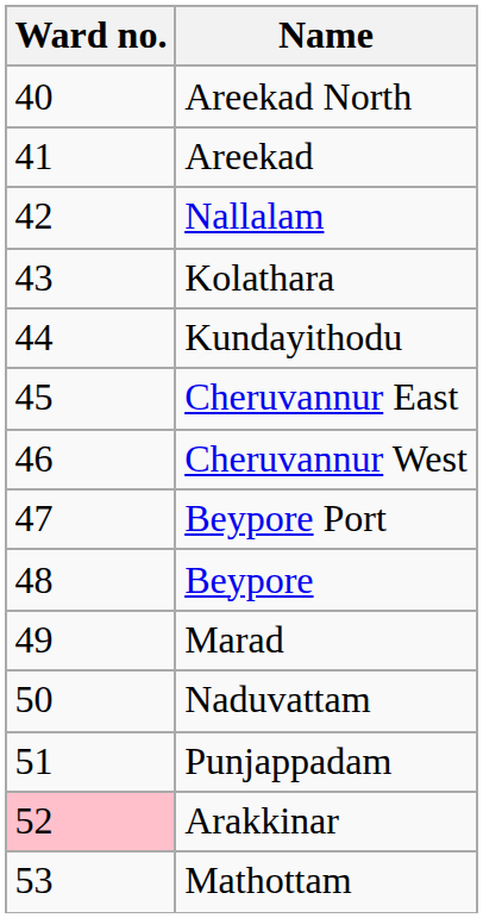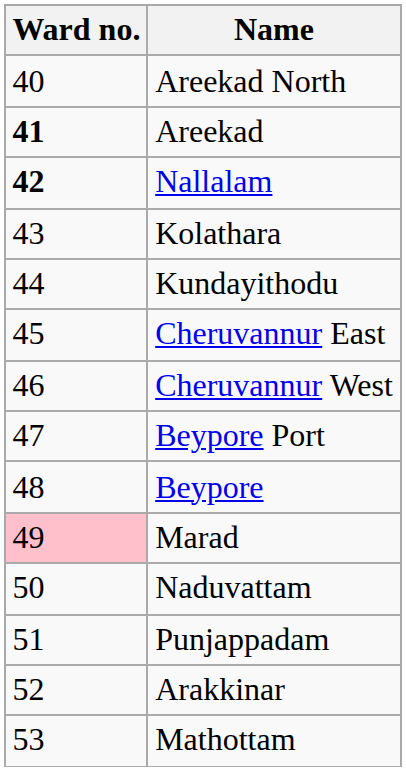 <table class="wikitable sortable">
 <tr>
 <th>Ward no.</th>
 <th>Name</th>
 </tr>
 <tr>
 <td>40</td>
 <td>Areekad North</td>
 </tr>
 <tr>
-<td>41</td>
+<td><strong>41</strong></td>
 <td>Areekad</td>
 </tr>
 <tr>
-<td>42</td>
+<td><strong>42</strong></td>
 <td><a href='#'>Nallalam</a></td>
 </tr>
 <tr>
 <td>43</td>
 <td>Kolathara</td>
 </tr>
 <tr>
 <td>44</td>
 <td>Kundayithodu</td>
 </tr>
 <tr>
 <td>45</td>
 <td><a href='#'>Cheruvannur</a> East</td>
 </tr>
 <tr>
 <td>46</td>
 <td><a href='#'>Cheruvannur</a> West</td>
 </tr>
 <tr>
 <td>47</td>
 <td><a href='#'>Beypore</a> Port</td>
 </tr>
 <tr>
 <td>48</td>
 <td><a href='#'>Beypore</a></td>
 </tr>
 <tr>
-<td>49</td>
+<td style="background: pink;">49</td>
 <td>Marad</td>
 </tr>
 <tr>
 <td>50</td>
 <td>Naduvattam</td>
 </tr>
 <tr>
 <td>51</td>
 <td>Punjappadam</td>
 </tr>
 <tr>
-<td style="background: pink;">52</td>
+<td>52</td>
 <td>Arakkinar</td>
 </tr>
 <tr>
 <td>53</td>
 <td>Mathottam</td>
 </tr>
 </table>
